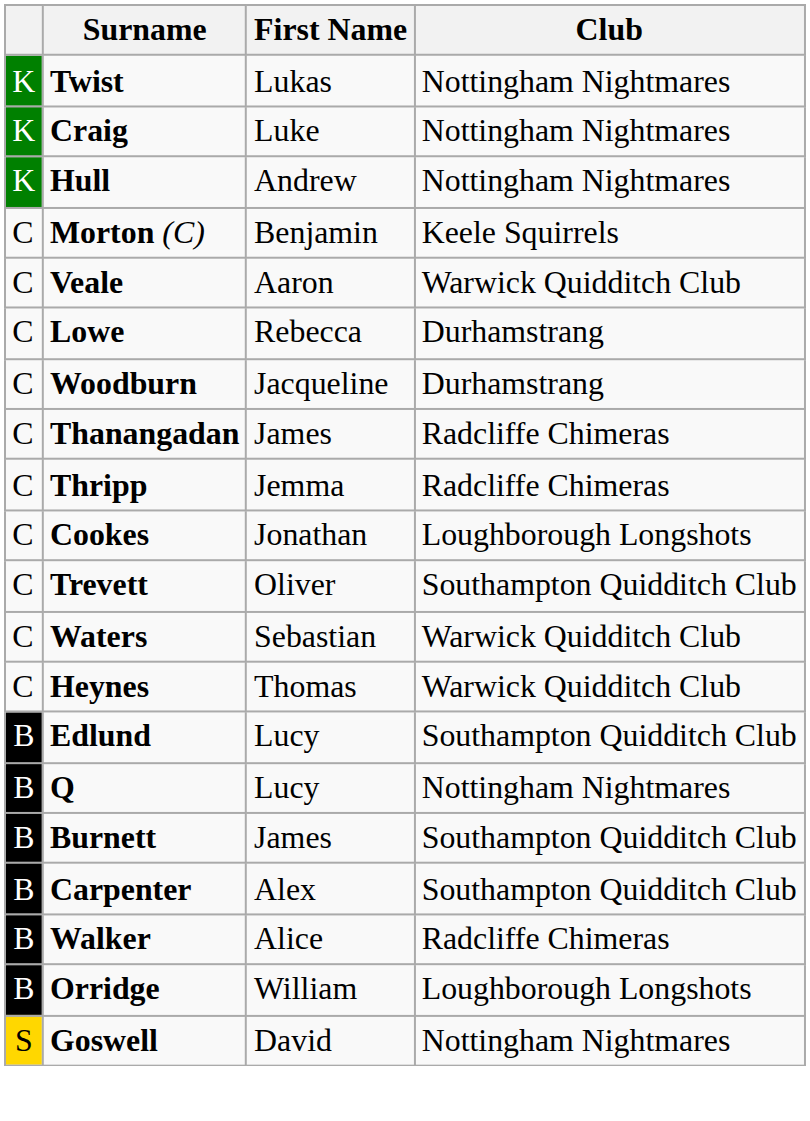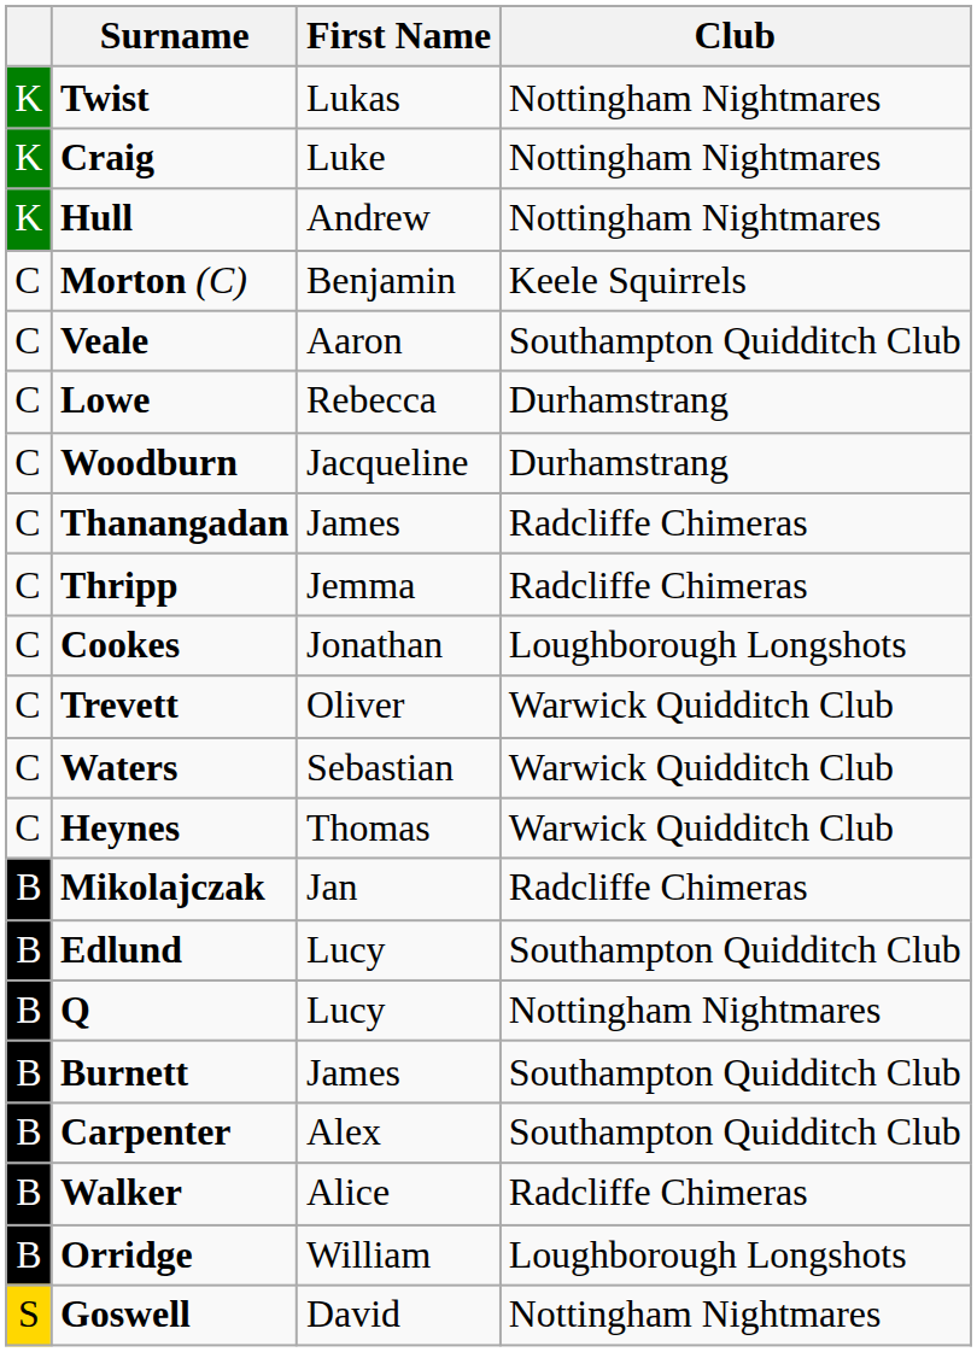 <table class="wikitable sortable mw-collapsible mw-collapsed">
 <tr>
 <th></th>
 <th>Surname</th>
 <th>First Name</th>
 <th>Club</th>
 </tr>
 <tr>
 <td style="text-align:center; background:Green; color:white">K</td>
 <td><strong>Twist</strong></td>
 <td>Lukas</td>
 <td>Nottingham Nightmares</td>
 </tr>
 <tr>
 <td style="text-align:center; background:Green; color:white">K</td>
 <td><strong>Craig</strong></td>
 <td>Luke</td>
 <td>Nottingham Nightmares</td>
 </tr>
 <tr>
 <td style="text-align:center; background:Green; color:white">K</td>
 <td><strong>Hull</strong></td>
 <td>Andrew</td>
 <td>Nottingham Nightmares</td>
 </tr>
 <tr>
 <td>C</td>
 <td><strong>Morton</strong> <em>(C)</em></td>
 <td>Benjamin</td>
 <td>Keele Squirrels</td>
 </tr>
 <tr>
 <td>C</td>
 <td><strong>Veale</strong></td>
 <td>Aaron</td>
-<td>Warwick Quidditch Club</td>
+<td>Southampton Quidditch Club</td>
 </tr>
 <tr>
 <td>C</td>
 <td><strong>Lowe</strong></td>
 <td>Rebecca</td>
 <td>Durhamstrang</td>
 </tr>
 <tr>
 <td>C</td>
 <td><strong>Woodburn</strong></td>
 <td>Jacqueline</td>
 <td>Durhamstrang</td>
 </tr>
 <tr>
 <td>C</td>
 <td><strong>Thanangadan</strong></td>
 <td>James</td>
 <td>Radcliffe Chimeras</td>
 </tr>
 <tr>
 <td>C</td>
 <td><strong>Thripp</strong></td>
 <td>Jemma</td>
 <td>Radcliffe Chimeras</td>
 </tr>
 <tr>
 <td>C</td>
 <td><strong>Cookes</strong></td>
 <td>Jonathan</td>
 <td>Loughborough Longshots</td>
 </tr>
 <tr>
 <td>C</td>
 <td><strong>Trevett</strong></td>
 <td>Oliver</td>
-<td>Southampton Quidditch Club</td>
+<td>Warwick Quidditch Club</td>
 </tr>
 <tr>
 <td>C</td>
 <td><strong>Waters</strong></td>
 <td>Sebastian</td>
 <td>Warwick Quidditch Club</td>
 </tr>
 <tr>
 <td>C</td>
 <td><strong>Heynes</strong></td>
 <td>Thomas</td>
 <td>Warwick Quidditch Club</td>
+</tr>
+<tr>
+<td style="text-align:center; background:Black; color:white">B</td>
+<td><strong>Mikolajczak</strong></td>
+<td>Jan</td>
+<td>Radcliffe Chimeras</td>
 </tr>
 <tr>
 <td style="text-align:center; background:Black; color:white">B</td>
 <td><strong>Edlund</strong></td>
 <td>Lucy</td>
 <td>Southampton Quidditch Club</td>
 </tr>
 <tr>
 <td style="text-align:center; background:Black; color:white">B</td>
 <td><strong>Q</strong></td>
 <td>Lucy</td>
 <td>Nottingham Nightmares</td>
 </tr>
 <tr>
 <td style="text-align:center; background:Black; color:white">B</td>
 <td><strong>Burnett</strong></td>
 <td>James</td>
 <td>Southampton Quidditch Club</td>
 </tr>
 <tr>
 <td style="text-align:center; background:Black; color:white">B</td>
 <td><strong>Carpenter</strong></td>
 <td>Alex</td>
 <td>Southampton Quidditch Club</td>
 </tr>
 <tr>
 <td style="text-align:center; background:Black; color:white">B</td>
 <td><strong>Walker</strong></td>
 <td>Alice</td>
 <td>Radcliffe Chimeras</td>
 </tr>
 <tr>
 <td style="text-align:center; background:Black; color:white">B</td>
 <td><strong>Orridge</strong></td>
 <td>William</td>
 <td>Loughborough Longshots</td>
 </tr>
 <tr>
 <td style="text-align:center; background:Gold">S</td>
 <td><strong>Goswell</strong></td>
 <td>David</td>
 <td>Nottingham Nightmares</td>
 </tr>
 </table>
